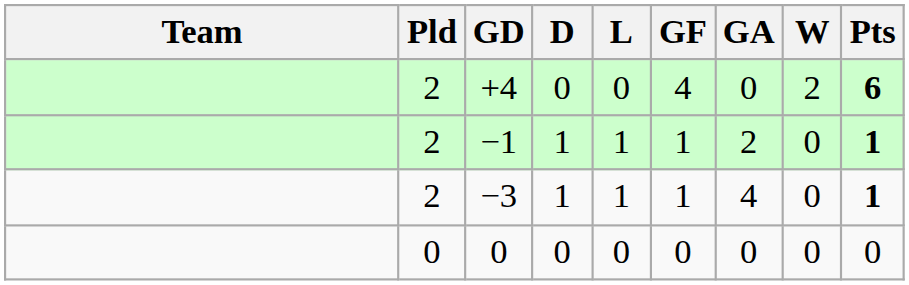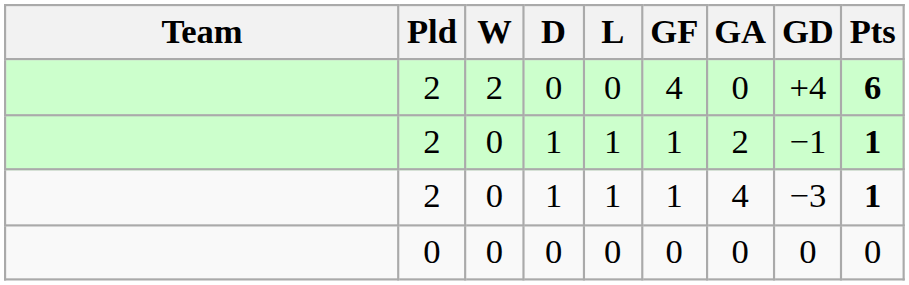 <table class="wikitable" style="text-align:center;">
 <tr>
 <th width=175>Team</th>
 <th width=20 abbr="Played">Pld</th>
-<th width=20 abbr="Goal difference">GD</th>
+<th width=20 abbr="Won">W</th>
 <th width=20 abbr="Drawn">D</th>
 <th width=20 abbr="Lost">L</th>
 <th width=20 abbr="Goals for">GF</th>
 <th width=20 abbr="Goals against">GA</th>
-<th width=20 abbr="Won">W</th>
+<th width=20 abbr="Goal difference">GD</th>
 <th width=20 abbr="Points">Pts</th>
 </tr>
 <tr ---- align="center" bgcolor="ccffcc">
 <td align="left"></td>
 <td>2</td>
-<td>+4</td>
+<td>2</td>
 <td>0</td>
 <td>0</td>
 <td>4</td>
 <td>0</td>
-<td>2</td>
+<td>+4</td>
 <td><strong>6</strong></td>
 </tr>
 <tr ---- align="center" bgcolor="ccffcc">
 <td align="left"></td>
 <td>2</td>
-<td>−1</td>
+<td>0</td>
 <td>1</td>
 <td>1</td>
 <td>1</td>
 <td>2</td>
-<td>0</td>
+<td>−1</td>
 <td><strong>1</strong></td>
 </tr>
 <tr ---- align="center">
 <td align="left"></td>
 <td>2</td>
-<td>−3</td>
+<td>0</td>
 <td>1</td>
 <td>1</td>
 <td>1</td>
 <td>4</td>
-<td>0</td>
+<td>−3</td>
 <td><strong>1</strong></td>
 </tr>
 <tr ---- align="center">
 <td align="left"></td>
 <td>0</td>
 <td>0</td>
 <td>0</td>
 <td>0</td>
 <td>0</td>
 <td>0</td>
 <td>0</td>
 <td>0</td>
 </tr>
 </table>
